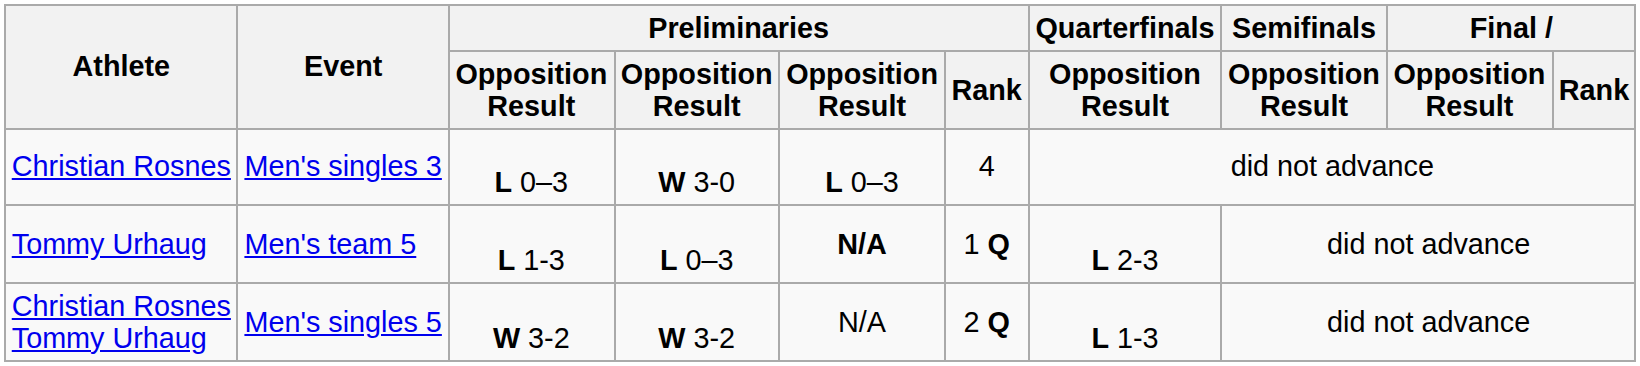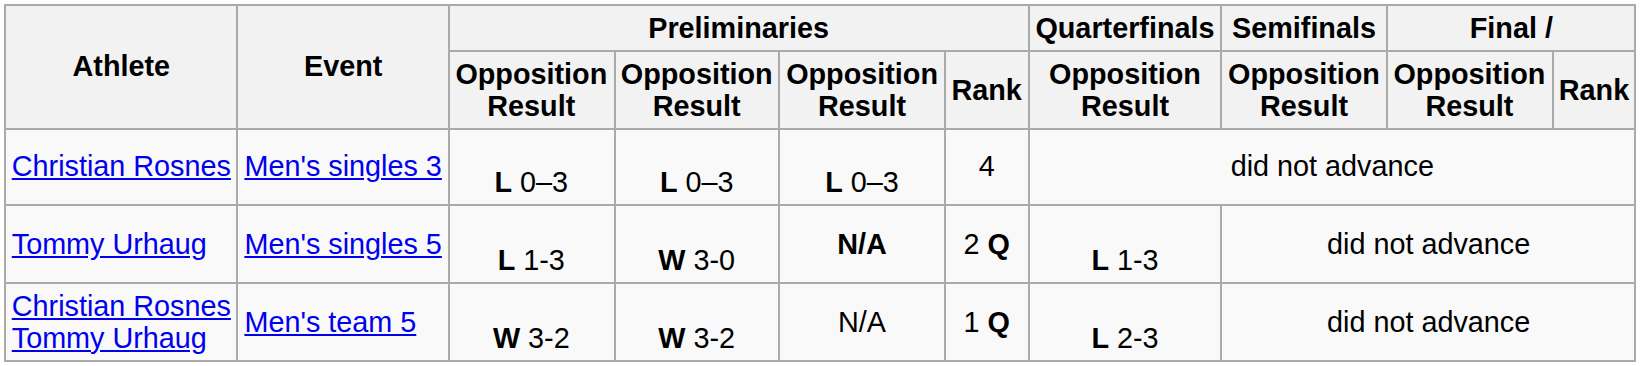 <table class=wikitable style="font-size:90%">
 <tr>
 <th rowspan="2">Athlete</th>
 <th rowspan="2">Event</th>
 <th colspan="4">Preliminaries</th>
 <th>Quarterfinals</th>
 <th>Semifinals</th>
 <th colspan="2">Final / </th>
 </tr>
 <tr>
 <th>Opposition<br>Result</th>
 <th>Opposition<br>Result</th>
 <th>Opposition<br>Result</th>
 <th>Rank</th>
 <th>Opposition<br>Result</th>
 <th>Opposition<br>Result</th>
 <th>Opposition<br>Result</th>
 <th>Rank</th>
 </tr>
 <tr>
 <td><a href='#'>Christian Rosnes</a></td>
 <td><a href='#'>Men's singles 3</a></td>
 <td align="center"><br><strong>L</strong> 0–3</td>
-<td align="center"><br><strong>W</strong> 3-0</td>
+<td align="center"><br><strong>L</strong> 0–3</td>
 <td align="center"><br><strong>L</strong> 0–3</td>
 <td align="center">4</td>
 <td align="center" colspan="4">did not advance</td>
 </tr>
 <tr>
 <td><a href='#'>Tommy Urhaug</a></td>
+<td><a href='#'>Men's singles 5</a></td>
+<td align="center"><br><strong>L</strong> 1-3</td>
+<td align="center"><br><strong>W</strong> 3-0</td>
+<td align="center"><strong>N/A</strong></td>
+<td align="center">2 <strong>Q</strong></td>
+<td align="center"><br><strong>L</strong> 1-3</td>
+<td align="center" colspan="3">did not advance</td>
+</tr>
+<tr>
+<td><a href='#'>Christian Rosnes</a><br> <a href='#'>Tommy Urhaug</a></td>
 <td><a href='#'>Men's team 5</a></td>
-<td align="center"><br><strong>L</strong> 1-3</td>
-<td align="center"><br><strong>L</strong> 0–3</td>
-<td align="center"><strong>N/A</strong></td>
+<td align="center"><br><strong>W</strong> 3-2</td>
+<td align="center"><br><strong>W</strong> 3-2</td>
+<td align="center">N/A</td>
 <td align="center">1 <strong>Q</strong></td>
 <td align="center"><br><strong>L</strong> 2-3</td>
 <td align="center" colspan="3">did not advance</td>
 </tr>
-<tr>
-<td><a href='#'>Christian Rosnes</a><br> <a href='#'>Tommy Urhaug</a></td>
-<td><a href='#'>Men's singles 5</a></td>
-<td align="center"><br><strong>W</strong> 3-2</td>
-<td align="center"><br><strong>W</strong> 3-2</td>
-<td align="center">N/A</td>
-<td align="center">2 <strong>Q</strong></td>
-<td align="center"><br><strong>L</strong> 1-3</td>
-<td align="center" colspan="3">did not advance</td>
-</tr>
 </table>
